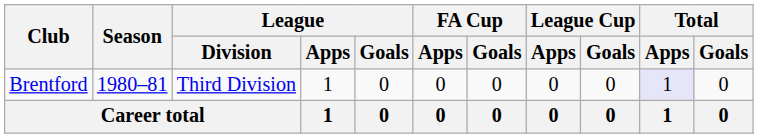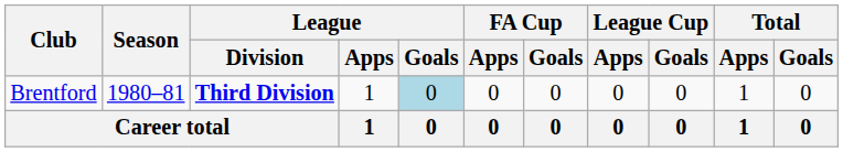 <table class="wikitable" style="text-align: center;">
 <tr>
 <th rowspan="2">Club</th>
 <th rowspan="2">Season</th>
 <th colspan="3">League</th>
 <th colspan="2">FA Cup</th>
 <th colspan="2">League Cup</th>
 <th colspan="2">Total</th>
 </tr>
 <tr>
 <th>Division</th>
 <th>Apps</th>
 <th>Goals</th>
 <th>Apps</th>
 <th>Goals</th>
 <th>Apps</th>
 <th>Goals</th>
 <th>Apps</th>
 <th>Goals</th>
 </tr>
 <tr>
 <td><a href='#'>Brentford</a></td>
 <td><a href='#'>1980–81</a></td>
-<td><a href='#'>Third Division</a></td>
+<td><strong><a href='#'>Third Division</a></strong></td>
 <td>1</td>
+<td style="background: lightblue;">0</td>
 <td>0</td>
 <td>0</td>
 <td>0</td>
 <td>0</td>
-<td>0</td>
-<td style="background: lavender;">1</td>
+<td>1</td>
 <td>0</td>
 </tr>
 <tr>
 <th colspan="3">Career total</th>
 <th>1</th>
 <th>0</th>
 <th>0</th>
 <th>0</th>
 <th>0</th>
 <th>0</th>
 <th>1</th>
 <th>0</th>
 </tr>
 </table>
